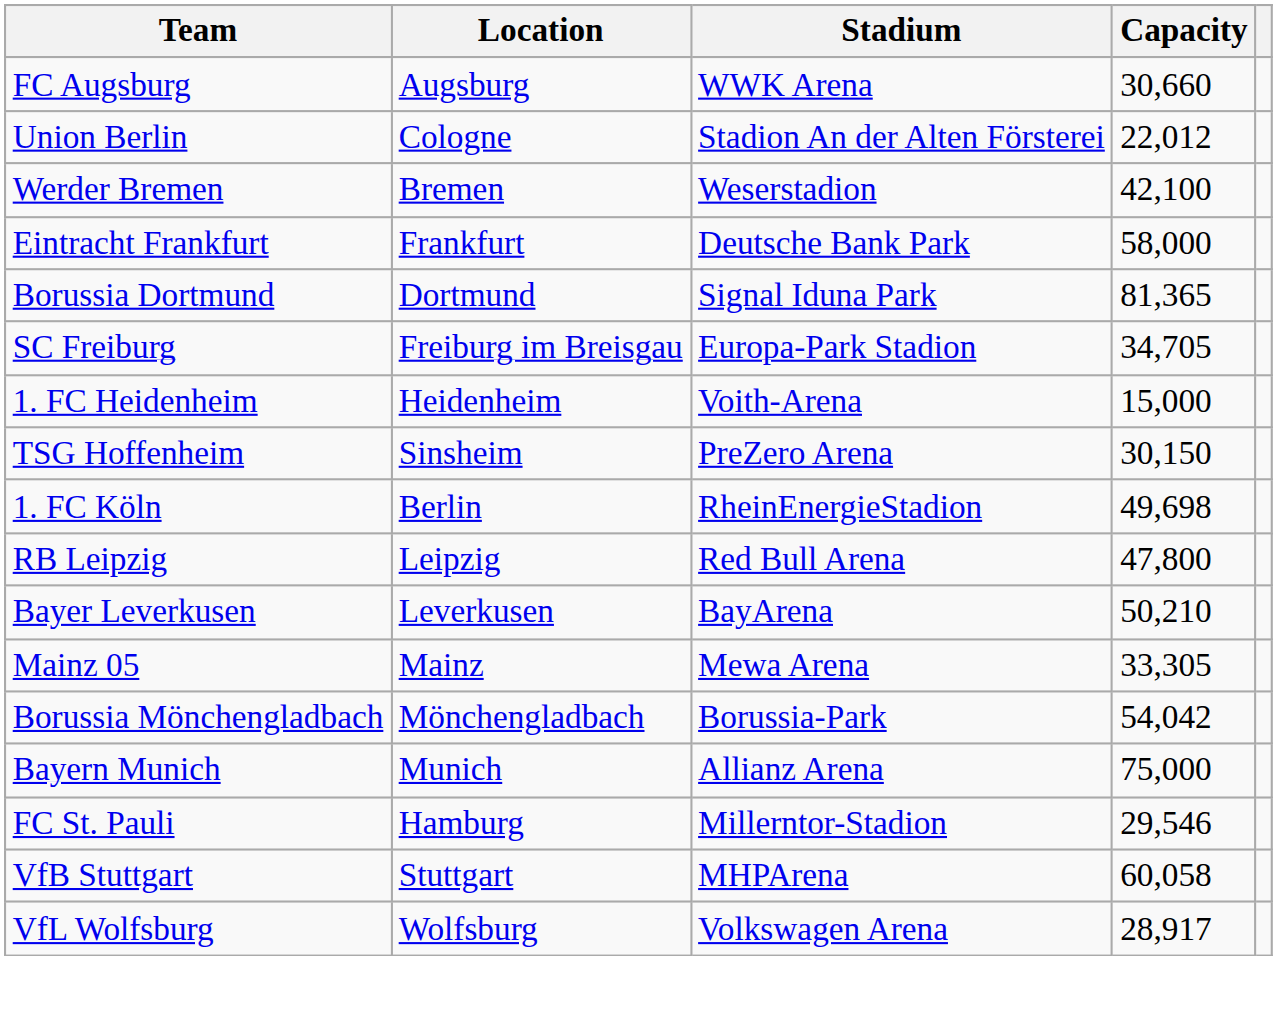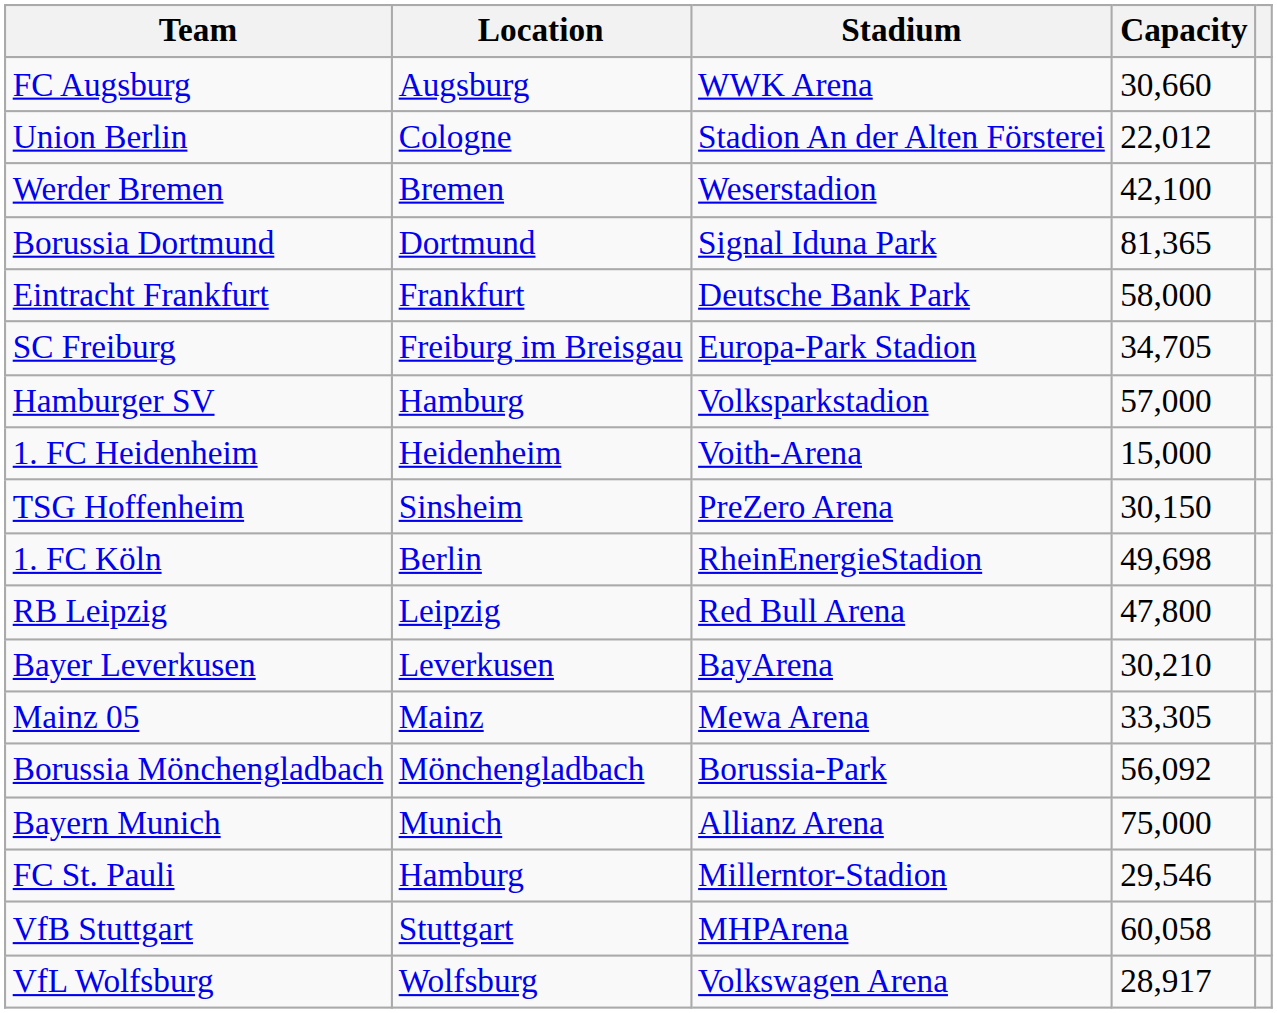 <table class="wikitable sortable" style="text-align:left;">
 <tr>
 <th>Team</th>
 <th>Location</th>
 <th>Stadium</th>
 <th>Capacity</th>
 <th class="unsortable"></th>
 </tr>
 <tr>
 <td data-sort-value="Augsburg"><a href='#'>FC Augsburg</a></td>
 <td><a href='#'>Augsburg</a></td>
 <td><a href='#'>WWK Arena</a></td>
 <td>30,660</td>
 <td style="text-align:center"></td>
 </tr>
 <tr>
 <td data-sort-value="Berlin, Union"><a href='#'>Union Berlin</a></td>
 <td><a href='#'>Cologne</a></td>
 <td><a href='#'>Stadion An der Alten Försterei</a></td>
 <td>22,012</td>
 <td style="text-align:center"></td>
 </tr>
 <tr>
 <td data-sort-value="Bremen"><a href='#'>Werder Bremen</a></td>
 <td><a href='#'>Bremen</a></td>
 <td><a href='#'>Weserstadion</a></td>
 <td>42,100</td>
 <td style="text-align:center"></td>
 </tr>
 <tr>
+<td data-sort-value="Dortmund"><a href='#'>Borussia Dortmund</a></td>
+<td><a href='#'>Dortmund</a></td>
+<td><a href='#'>Signal Iduna Park</a></td>
+<td>81,365</td>
+<td style="text-align:center"></td>
+</tr>
+<tr>
 <td data-sort-value="Frankfurt"><a href='#'>Eintracht Frankfurt</a></td>
 <td><a href='#'>Frankfurt</a></td>
 <td><a href='#'>Deutsche Bank Park</a></td>
 <td>58,000</td>
 <td style="text-align:center"></td>
 </tr>
 <tr>
-<td data-sort-value="Dortmund"><a href='#'>Borussia Dortmund</a></td>
-<td><a href='#'>Dortmund</a></td>
-<td><a href='#'>Signal Iduna Park</a></td>
-<td>81,365</td>
-<td style="text-align:center"></td>
-</tr>
-<tr>
 <td data-sort-value="Freiburg"><a href='#'>SC Freiburg</a></td>
 <td><a href='#'>Freiburg im Breisgau</a></td>
 <td><a href='#'>Europa-Park Stadion</a></td>
 <td>34,705</td>
+<td style="text-align:center"></td>
+</tr>
+<tr>
+<td><a href='#'>Hamburger SV</a></td>
+<td><a href='#'>Hamburg</a></td>
+<td><a href='#'>Volksparkstadion</a></td>
+<td>57,000</td>
 <td style="text-align:center"></td>
 </tr>
 <tr>
 <td data-sort-value="Heidenheim"><a href='#'>1. FC Heidenheim</a></td>
 <td><a href='#'>Heidenheim</a></td>
 <td><a href='#'>Voith-Arena</a></td>
 <td>15,000</td>
 <td style="text-align:center"></td>
 </tr>
 <tr>
 <td data-sort-value="Hoffenheim"><a href='#'>TSG Hoffenheim</a></td>
 <td><a href='#'>Sinsheim</a></td>
 <td><a href='#'>PreZero Arena</a></td>
 <td>30,150</td>
 <td style="text-align:center"></td>
 </tr>
 <tr>
 <td data-sort-value="Koln"><a href='#'>1. FC Köln</a></td>
 <td><a href='#'>Berlin</a></td>
 <td><a href='#'>RheinEnergieStadion</a></td>
 <td>49,698</td>
 </tr>
 <tr>
 <td data-sort-value="Leipzig"><a href='#'>RB Leipzig</a></td>
 <td><a href='#'>Leipzig</a></td>
 <td><a href='#'>Red Bull Arena</a></td>
 <td>47,800</td>
 <td style="text-align:center"></td>
 </tr>
 <tr>
 <td data-sort-value="Leverkusen"><a href='#'>Bayer Leverkusen</a></td>
 <td><a href='#'>Leverkusen</a></td>
 <td><a href='#'>BayArena</a></td>
-<td>50,210</td>
+<td>30,210</td>
 <td style="text-align:center"></td>
 </tr>
 <tr>
 <td data-sort-value="Mainz"><a href='#'>Mainz 05</a></td>
 <td><a href='#'>Mainz</a></td>
 <td><a href='#'>Mewa Arena</a></td>
 <td>33,305</td>
 <td style="text-align:center"></td>
 </tr>
 <tr>
 <td data-sort-value="Monchengladbach"><a href='#'>Borussia Mönchengladbach</a></td>
 <td><a href='#'>Mönchengladbach</a></td>
 <td><a href='#'>Borussia-Park</a></td>
-<td>54,042</td>
+<td>56,092</td>
 <td style="text-align:center"></td>
 </tr>
 <tr>
 <td data-sort-value="Munich"><a href='#'>Bayern Munich</a></td>
 <td><a href='#'>Munich</a></td>
 <td><a href='#'>Allianz Arena</a></td>
 <td>75,000</td>
 <td style="text-align:center"></td>
 </tr>
 <tr>
 <td data-sort-value="St Pauli"><a href='#'>FC St. Pauli</a></td>
 <td><a href='#'>Hamburg</a></td>
 <td><a href='#'>Millerntor-Stadion</a></td>
 <td>29,546</td>
 <td style="text-align:center"></td>
 </tr>
 <tr>
 <td data-sort-value="Stuttgart"><a href='#'>VfB Stuttgart</a></td>
 <td><a href='#'>Stuttgart</a></td>
 <td><a href='#'>MHPArena</a></td>
 <td>60,058</td>
 <td style="text-align:center"></td>
 </tr>
 <tr>
 <td data-sort-value="Wolfsburg"><a href='#'>VfL Wolfsburg</a></td>
 <td><a href='#'>Wolfsburg</a></td>
 <td><a href='#'>Volkswagen Arena</a></td>
 <td>28,917</td>
 <td style="text-align:center"></td>
 </tr>
 </table>
